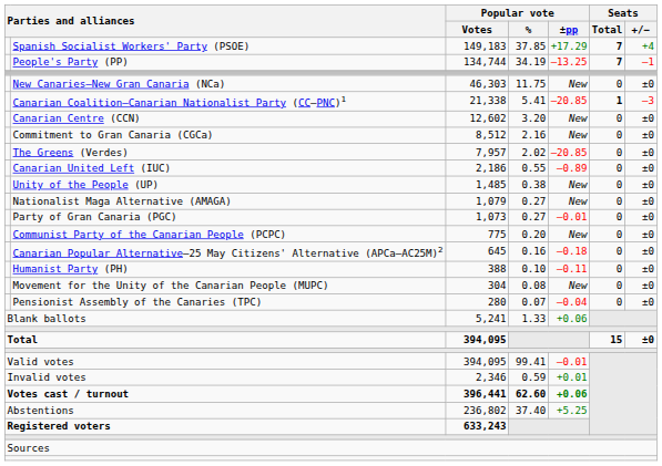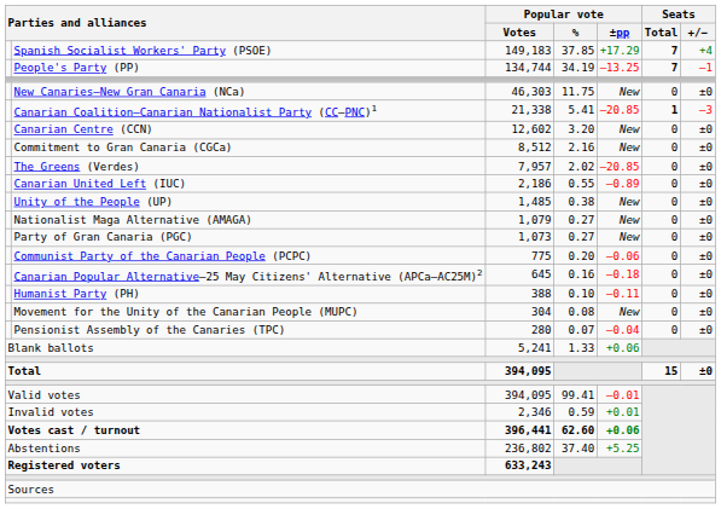 <table class="wikitable" style="text-align:right;">
 <tr>
 <th style="text-align:left;" rowspan="2" colspan="2" width="525">Parties and alliances</th>
 <th colspan="3">Popular vote</th>
 <th colspan="2">Seats</th>
 </tr>
 <tr>
 <th width="75">Votes</th>
 <th width="45">%</th>
 <th width="45">±<a href='#'>pp</a></th>
 <th width="35">Total</th>
 <th width="35">+/−</th>
 </tr>
 <tr>
 <td width="1" style="color:inherit;background:"></td>
 <td align="left"><a href='#'>Spanish Socialist Workers' Party</a> (PSOE)</td>
 <td>149,183</td>
 <td>37.85</td>
 <td style="color:green;">+17.29</td>
 <td><strong>7</strong></td>
 <td style="color:green;">+4</td>
 </tr>
 <tr>
 <td style="color:inherit;background:"></td>
 <td align="left"><a href='#'>People's Party</a> (PP)</td>
 <td>134,744</td>
 <td>34.19</td>
 <td style="color:red;">–13.25</td>
 <td><strong>7</strong></td>
 <td style="color:red;">–1</td>
 </tr>
 <tr>
 <td colspan="7" bgcolor="#C0C0C0"></td>
 </tr>
 <tr>
 <td style="color:inherit;background:"></td>
 <td align="left"><a href='#'>New Canaries–New Gran Canaria</a> (NCa)</td>
 <td>46,303</td>
 <td>11.75</td>
 <td><em>New</em></td>
 <td>0</td>
 <td>±0</td>
 </tr>
 <tr>
 <td style="color:inherit;background:"></td>
 <td align="left"><a href='#'>Canarian Coalition–Canarian Nationalist Party</a> (<a href='#'>CC</a>–<a href='#'>PNC</a>)<sup>1</sup></td>
 <td>21,338</td>
 <td>5.41</td>
 <td style="color:red;">–20.85</td>
 <td><strong>1</strong></td>
 <td style="color:red;">–3</td>
 </tr>
 <tr>
 <td style="color:inherit;background:"></td>
 <td align="left"><a href='#'>Canarian Centre</a> (CCN)</td>
 <td>12,602</td>
 <td>3.20</td>
 <td><em>New</em></td>
 <td>0</td>
 <td>±0</td>
 </tr>
 <tr>
 <td style="color:inherit;background:"></td>
 <td align="left">Commitment to Gran Canaria (CGCa)</td>
 <td>8,512</td>
 <td>2.16</td>
 <td><em>New</em></td>
 <td>0</td>
 <td>±0</td>
 </tr>
 <tr>
 <td style="color:inherit;background:"></td>
 <td align="left"><a href='#'>The Greens</a> (Verdes)</td>
 <td>7,957</td>
 <td>2.02</td>
 <td style="color:red;">–20.85</td>
 <td>0</td>
 <td>±0</td>
 </tr>
 <tr>
 <td style="color:inherit;background:"></td>
 <td align="left"><a href='#'>Canarian United Left</a> (IUC)</td>
 <td>2,186</td>
 <td>0.55</td>
 <td style="color:red;">–0.89</td>
 <td>0</td>
 <td>±0</td>
 </tr>
 <tr>
 <td style="color:inherit;background:"></td>
 <td align="left"><a href='#'>Unity of the People</a> (UP)</td>
 <td>1,485</td>
 <td>0.38</td>
 <td><em>New</em></td>
 <td>0</td>
 <td>±0</td>
 </tr>
 <tr>
 <td style="color:inherit;background:"></td>
 <td align="left">Nationalist Maga Alternative (AMAGA)</td>
 <td>1,079</td>
 <td>0.27</td>
 <td><em>New</em></td>
 <td>0</td>
 <td>±0</td>
 </tr>
 <tr>
 <td style="color:inherit;background:"></td>
 <td align="left">Party of Gran Canaria (PGC)</td>
 <td>1,073</td>
 <td>0.27</td>
-<td style="color:red;">–0.01</td>
+<td><em>New</em></td>
 <td>0</td>
 <td>±0</td>
 </tr>
 <tr>
 <td style="color:inherit;background:"></td>
 <td align="left"><a href='#'>Communist Party of the Canarian People</a> (PCPC)</td>
 <td>775</td>
 <td>0.20</td>
-<td><em>New</em></td>
+<td style="color:red;">–0.06</td>
 <td>0</td>
 <td>±0</td>
 </tr>
 <tr>
 <td style="color:inherit;background:"></td>
 <td align="left"><a href='#'>Canarian Popular Alternative</a>–25 May Citizens' Alternative (APCa–AC25M)<sup>2</sup></td>
 <td>645</td>
 <td>0.16</td>
 <td style="color:red;">–0.18</td>
 <td>0</td>
 <td>±0</td>
 </tr>
 <tr>
 <td style="color:inherit;background:"></td>
 <td align="left"><a href='#'>Humanist Party</a> (PH)</td>
 <td>388</td>
 <td>0.10</td>
 <td style="color:red;">–0.11</td>
 <td>0</td>
 <td>±0</td>
 </tr>
 <tr>
 <td style="color:inherit;background:"></td>
 <td align="left">Movement for the Unity of the Canarian People (MUPC)</td>
 <td>304</td>
 <td>0.08</td>
 <td><em>New</em></td>
 <td>0</td>
 <td>±0</td>
 </tr>
 <tr>
 <td style="color:inherit;background:"></td>
 <td align="left">Pensionist Assembly of the Canaries (TPC)</td>
 <td>280</td>
 <td>0.07</td>
 <td style="color:red;">–0.04</td>
 <td>0</td>
 <td>±0</td>
 </tr>
 <tr>
 <td align="left" colspan="2">Blank ballots</td>
 <td>5,241</td>
 <td>1.33</td>
 <td style="color:green;">+0.06</td>
 <td bgcolor="#E9E9E9" colspan="2"></td>
 </tr>
 <tr>
 <td colspan="7" bgcolor="#E9E9E9"></td>
 </tr>
 <tr style="font-weight:bold;">
 <td align="left" colspan="2">Total</td>
 <td>394,095</td>
 <td bgcolor="#E9E9E9" colspan="2"></td>
 <td>15</td>
 <td>±0</td>
 </tr>
 <tr>
 <td colspan="7" bgcolor="#E9E9E9"></td>
 </tr>
 <tr>
 <td align="left" colspan="2">Valid votes</td>
 <td>394,095</td>
 <td>99.41</td>
 <td style="color:red;">–0.01</td>
 <td bgcolor="#E9E9E9" colspan="2" rowspan="5"></td>
 </tr>
 <tr>
 <td align="left" colspan="2">Invalid votes</td>
 <td>2,346</td>
 <td>0.59</td>
 <td style="color:green;">+0.01</td>
 </tr>
 <tr style="font-weight:bold;">
 <td align="left" colspan="2">Votes cast / turnout</td>
 <td>396,441</td>
 <td>62.60</td>
 <td style="color:green;">+0.06</td>
 </tr>
 <tr>
 <td align="left" colspan="2">Abstentions</td>
 <td>236,802</td>
 <td>37.40</td>
 <td style="color:green;">+5.25</td>
 </tr>
 <tr style="font-weight:bold;">
 <td align="left" colspan="2">Registered voters</td>
 <td>633,243</td>
 <td bgcolor="#E9E9E9" colspan="2"></td>
 </tr>
 <tr>
 <td colspan="7" bgcolor="#E9E9E9"></td>
 </tr>
 <tr>
 <td align="left" colspan="7">Sources</td>
 </tr>
 <tr>
 <td colspan="7" style="text-align:left; max-width:790px;"></td>
 </tr>
 </table>
